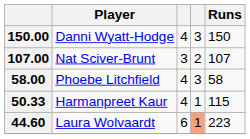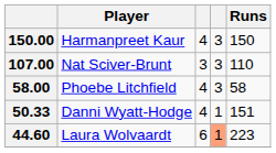 <table class="wikitable sortable" style="text-align:centre;">
 <tr>
 <th scope=col></th>
 <th scope=col>Player</th>
 <th scope=col></th>
 <th scope=col><a href='#'></a></th>
 <th scope=col>Runs</th>
 </tr>
 <tr>
 <th>150.00</th>
-<td> <a href='#'>Danni Wyatt-Hodge</a></td>
+<td> <a href='#'>Harmanpreet Kaur</a></td>
 <td>4</td>
 <td>3</td>
 <td>150</td>
 </tr>
 <tr>
 <th>107.00</th>
 <td> <a href='#'>Nat Sciver-Brunt</a></td>
 <td>3</td>
-<td>2</td>
-<td>107</td>
+<td>3</td>
+<td>110</td>
 </tr>
 <tr>
 <th>58.00</th>
 <td> <a href='#'>Phoebe Litchfield</a></td>
 <td>4</td>
 <td>3</td>
 <td>58</td>
 </tr>
 <tr>
 <th>50.33</th>
-<td> <a href='#'>Harmanpreet Kaur</a></td>
+<td> <a href='#'>Danni Wyatt-Hodge</a></td>
 <td>4</td>
 <td>1</td>
-<td>115</td>
+<td>151</td>
 </tr>
 <tr>
 <th>44.60</th>
 <td> <a href='#'>Laura Wolvaardt</a></td>
 <td>6</td>
 <td style="background: lightsalmon;">1</td>
 <td>223</td>
 </tr>
 <tr>
 </tr>
 </table>
